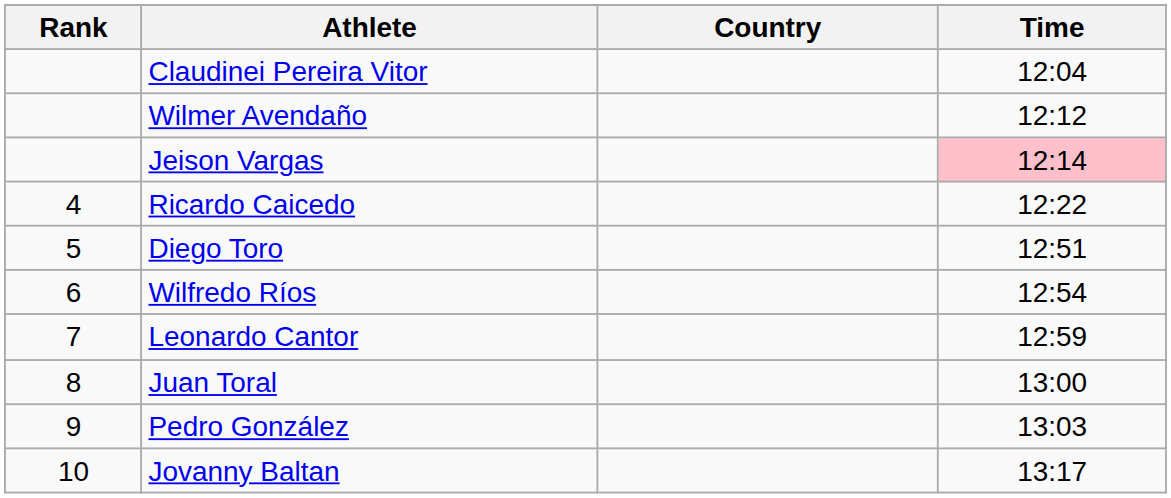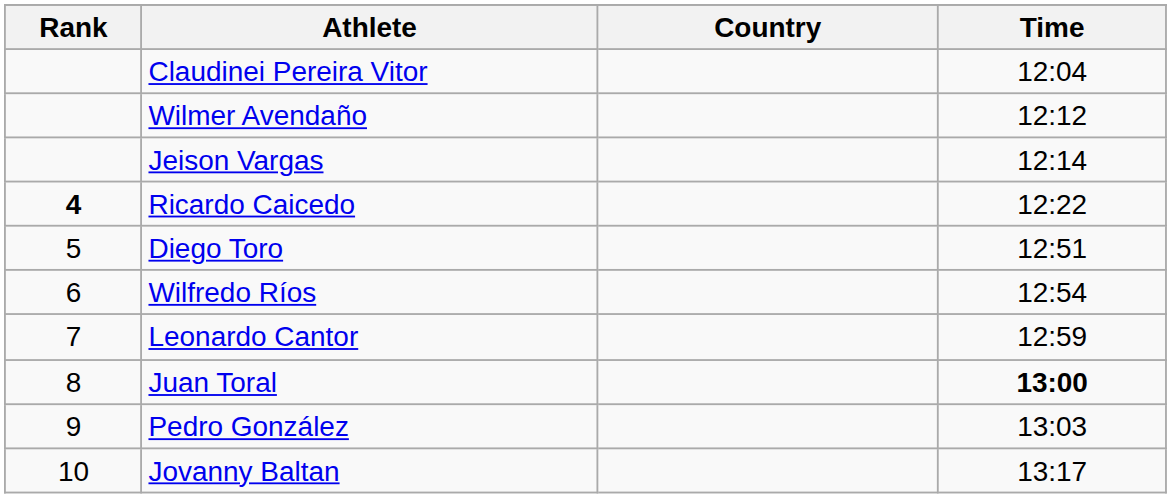 <table class="wikitable sortable" style=" text-align:center; font-size:95%;" width="50%">
 <tr>
 </tr>
 <tr>
 <th width=5%>Rank</th>
 <th width=20%>Athlete</th>
 <th width=15%>Country</th>
 <th width=10%>Time</th>
 </tr>
 <tr>
 <td align=center></td>
 <td align=left><a href='#'>Claudinei Pereira Vitor</a></td>
 <td align=left></td>
 <td>12:04</td>
 </tr>
 <tr>
 <td align=center></td>
 <td align=left><a href='#'>Wilmer Avendaño</a></td>
 <td align=left></td>
 <td>12:12</td>
 </tr>
 <tr>
 <td align=center></td>
 <td align=left><a href='#'>Jeison Vargas</a></td>
 <td align=left></td>
-<td style="background: pink;">12:14</td>
+<td>12:14</td>
 </tr>
 <tr>
-<td align=center>4</td>
+<td align=center><strong>4</strong></td>
 <td align=left><a href='#'>Ricardo Caicedo</a></td>
 <td align=left></td>
 <td>12:22</td>
 </tr>
 <tr>
 <td align=center>5</td>
 <td align=left><a href='#'>Diego Toro</a></td>
 <td align=left></td>
 <td>12:51</td>
 </tr>
 <tr>
 <td align=center>6</td>
 <td align=left><a href='#'>Wilfredo Ríos</a></td>
 <td align=left></td>
 <td>12:54</td>
 </tr>
 <tr>
 <td align=center>7</td>
 <td align=left><a href='#'>Leonardo Cantor</a></td>
 <td align=left></td>
 <td>12:59</td>
 </tr>
 <tr>
 <td align=center>8</td>
 <td align=left><a href='#'>Juan Toral</a></td>
 <td align=left></td>
-<td>13:00</td>
+<td><strong>13:00</strong></td>
 </tr>
 <tr>
 <td align=center>9</td>
 <td align=left><a href='#'>Pedro González</a></td>
 <td align=left></td>
 <td>13:03</td>
 </tr>
 <tr>
 <td align=center>10</td>
 <td align=left><a href='#'>Jovanny Baltan</a></td>
 <td align=left></td>
 <td>13:17</td>
 </tr>
 </table>
